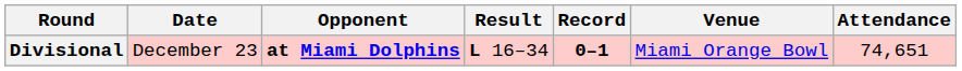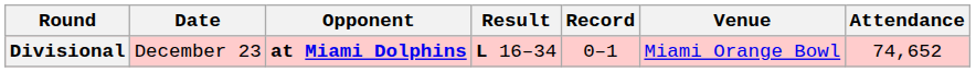 <table class="wikitable" style="text-align:center">
 <tr>
 <th>Round</th>
 <th>Date</th>
 <th>Opponent</th>
 <th>Result</th>
 <th>Record</th>
 <th>Venue</th>
 <th>Attendance</th>
 </tr>
 <tr style="background:#fcc">
 <th>Divisional</th>
 <td>December 23</td>
 <td><strong>at <a href='#'>Miami Dolphins</a></strong></td>
 <td><strong>L</strong> 16–34</td>
-<td><strong>0–1</strong></td>
+<td>0–1</td>
 <td><a href='#'>Miami Orange Bowl</a></td>
-<td>74,651</td>
+<td>74,652</td>
 </tr>
 </table>
